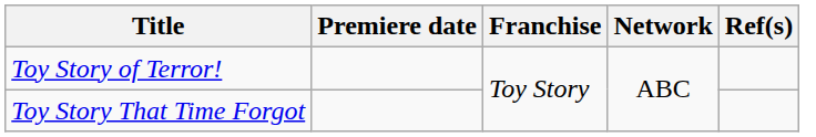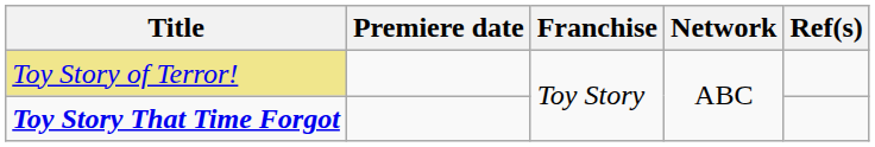 <table class="wikitable sortable">
 <tr>
 <th rowspan="1">Title</th>
 <th rowspan="1">Premiere date</th>
 <th rowspan="1">Franchise</th>
 <th rowspan="1">Network</th>
 <th rowspan="1">Ref(s)</th>
 </tr>
 <tr>
-<td><em><a href='#'>Toy Story of Terror!</a></em></td>
+<td style="background: khaki;"><em><a href='#'>Toy Story of Terror!</a></em></td>
 <td style="text-align:center;"></td>
 <td rowspan="2"><em>Toy Story</em></td>
 <td style="text-align:center;" rowspan="2">ABC</td>
 <td style="text-align:center;"></td>
 </tr>
 <tr>
-<td><em><a href='#'>Toy Story That Time Forgot</a></em></td>
+<td><strong><em><a href='#'>Toy Story That Time Forgot</a></em></strong></td>
 <td style="text-align:center;"></td>
 <td style="text-align:center;"></td>
 </tr>
 </table>
